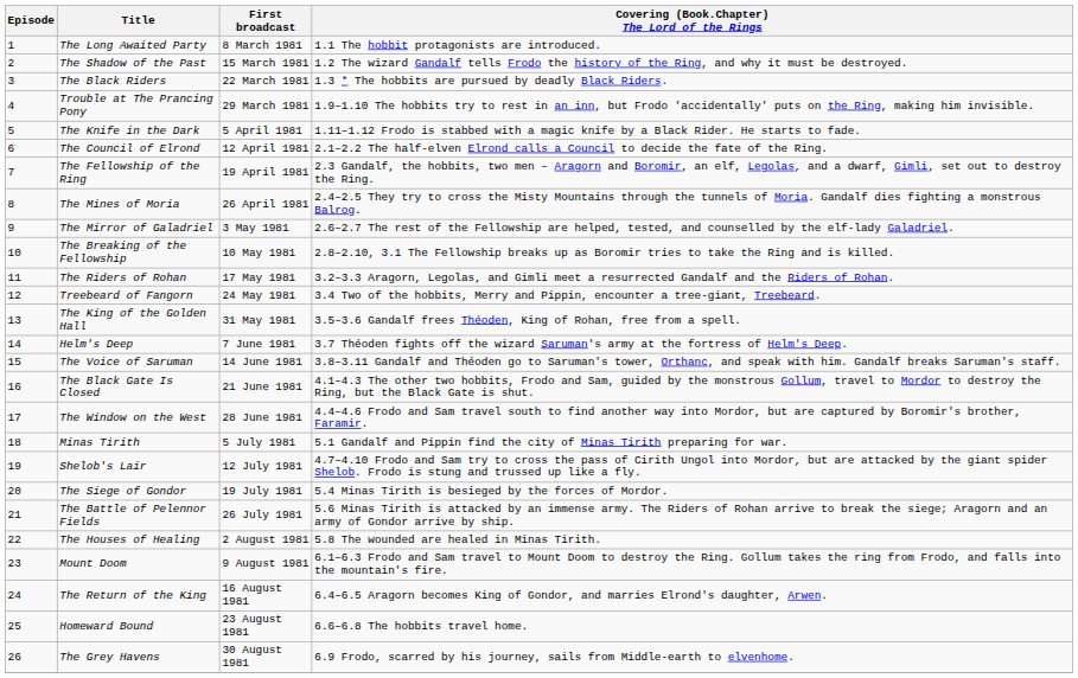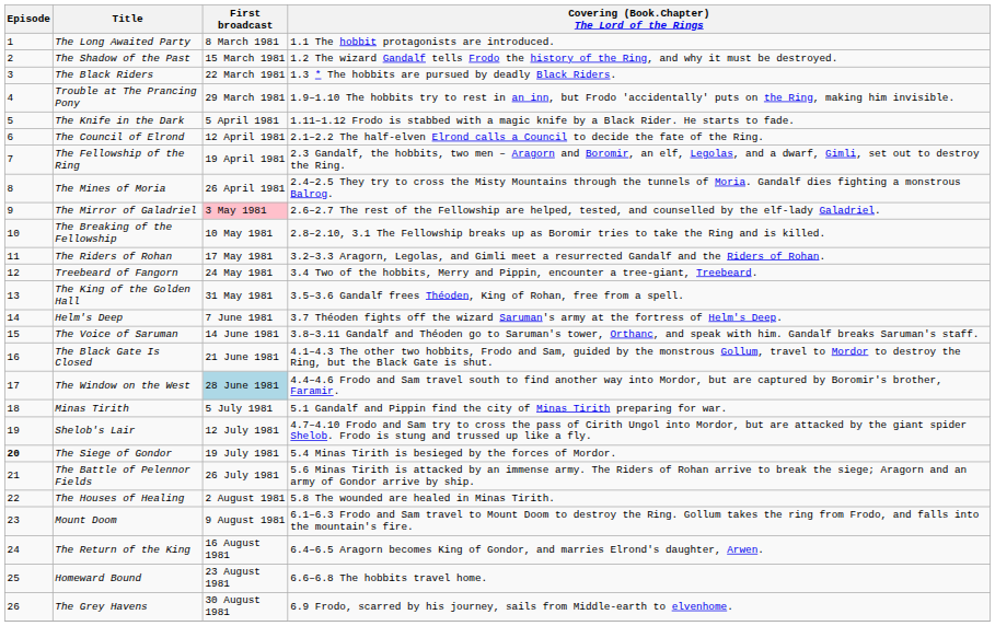 <table class="wikitable">
 <tr>
 <th>Episode</th>
 <th>Title</th>
 <th>First broadcast</th>
 <th>Covering (Book.Chapter)<br><em><a href='#'>The Lord of the Rings</a></em></th>
 </tr>
 <tr>
 <td>1</td>
 <td><em>The Long Awaited Party</em></td>
 <td>8 March 1981</td>
 <td>1.1 The <a href='#'>hobbit</a> protagonists are introduced.</td>
 </tr>
 <tr>
 <td>2</td>
 <td><em>The Shadow of the Past</em></td>
 <td>15 March 1981</td>
 <td>1.2 The wizard <a href='#'>Gandalf</a> tells <a href='#'>Frodo</a> the <a href='#'>history of the Ring</a>, and why it must be destroyed.</td>
 </tr>
 <tr>
 <td>3</td>
 <td><em>The Black Riders</em></td>
 <td>22 March 1981</td>
 <td>1.3 <a href='#'>*</a> The hobbits are pursued by deadly <a href='#'>Black Riders</a>.</td>
 </tr>
 <tr>
 <td>4</td>
 <td><em>Trouble at The Prancing Pony</em></td>
 <td>29 March 1981</td>
 <td>1.9–1.10 The hobbits try to rest in <a href='#'>an inn</a>, but Frodo 'accidentally' puts on <a href='#'>the Ring</a>, making him invisible.</td>
 </tr>
 <tr>
 <td>5</td>
 <td><em>The Knife in the Dark</em></td>
 <td>5 April 1981</td>
 <td>1.11–1.12 Frodo is stabbed with a magic knife by a Black Rider. He starts to fade.</td>
 </tr>
 <tr>
 <td>6</td>
 <td><em>The Council of Elrond</em></td>
 <td>12 April 1981</td>
 <td>2.1–2.2 The half-elven <a href='#'>Elrond calls a Council</a> to decide the fate of the Ring.</td>
 </tr>
 <tr>
 <td>7</td>
 <td><em>The Fellowship of the Ring</em></td>
 <td>19 April 1981</td>
 <td>2.3 Gandalf, the hobbits, two men – <a href='#'>Aragorn</a> and <a href='#'>Boromir</a>, an elf, <a href='#'>Legolas</a>, and a dwarf, <a href='#'>Gimli</a>, set out to destroy the Ring.</td>
 </tr>
 <tr>
 <td>8</td>
 <td><em>The Mines of Moria</em></td>
 <td>26 April 1981</td>
 <td>2.4–2.5 They try to cross the Misty Mountains through the tunnels of <a href='#'>Moria</a>. Gandalf dies fighting a monstrous <a href='#'>Balrog</a>.</td>
 </tr>
 <tr>
 <td>9</td>
 <td><em>The Mirror of Galadriel</em></td>
-<td>3 May 1981</td>
+<td style="background: pink;">3 May 1981</td>
 <td>2.6–2.7 The rest of the Fellowship are helped, tested, and counselled by the elf-lady <a href='#'>Galadriel</a>.</td>
 </tr>
 <tr>
 <td>10</td>
 <td><em>The Breaking of the Fellowship</em></td>
 <td>10 May 1981</td>
 <td>2.8–2.10, 3.1 The Fellowship breaks up as Boromir tries to take the Ring and is killed.</td>
 </tr>
 <tr>
 <td>11</td>
 <td><em>The Riders of Rohan</em></td>
 <td>17 May 1981</td>
 <td>3.2–3.3 Aragorn, Legolas, and Gimli meet a resurrected Gandalf and the <a href='#'>Riders of Rohan</a>.</td>
 </tr>
 <tr>
 <td>12</td>
 <td><em>Treebeard of Fangorn</em></td>
 <td>24 May 1981</td>
 <td>3.4 Two of the hobbits, Merry and Pippin, encounter a tree-giant, <a href='#'>Treebeard</a>.</td>
 </tr>
 <tr>
 <td>13</td>
 <td><em>The King of the Golden Hall</em></td>
 <td>31 May 1981</td>
 <td>3.5–3.6 Gandalf frees <a href='#'>Théoden</a>, King of Rohan, free from a spell.</td>
 </tr>
 <tr>
 <td>14</td>
 <td><em>Helm's Deep</em></td>
 <td>7 June 1981</td>
 <td>3.7 Théoden fights off the wizard <a href='#'>Saruman</a>'s army at the fortress of <a href='#'>Helm's Deep</a>.</td>
 </tr>
 <tr>
 <td>15</td>
 <td><em>The Voice of Saruman</em></td>
 <td>14 June 1981</td>
 <td>3.8–3.11 Gandalf and Théoden go to Saruman's tower, <a href='#'>Orthanc</a>, and speak with him. Gandalf breaks Saruman's staff.</td>
 </tr>
 <tr>
 <td>16</td>
 <td><em>The Black Gate Is Closed</em></td>
 <td>21 June 1981</td>
 <td>4.1–4.3 The other two hobbits, Frodo and Sam, guided by the monstrous <a href='#'>Gollum</a>, travel to <a href='#'>Mordor</a> to destroy the Ring, but the Black Gate is shut.</td>
 </tr>
 <tr>
 <td>17</td>
 <td><em>The Window on the West</em></td>
-<td>28 June 1981</td>
+<td style="background: lightblue;">28 June 1981</td>
 <td>4.4–4.6 Frodo and Sam travel south to find another way into Mordor, but are captured by Boromir's brother, <a href='#'>Faramir</a>.</td>
 </tr>
 <tr>
 <td>18</td>
 <td><em>Minas Tirith</em></td>
 <td>5 July 1981</td>
 <td>5.1 Gandalf and Pippin find the city of <a href='#'>Minas Tirith</a> preparing for war.</td>
 </tr>
 <tr>
 <td>19</td>
 <td><em>Shelob's Lair</em></td>
 <td>12 July 1981</td>
 <td>4.7–4.10 Frodo and Sam try to cross the pass of Cirith Ungol into Mordor, but are attacked by the giant spider <a href='#'>Shelob</a>. Frodo is stung and trussed up like a fly.</td>
 </tr>
 <tr>
-<td>20</td>
+<td><strong>20</strong></td>
 <td><em>The Siege of Gondor</em></td>
 <td>19 July 1981</td>
 <td>5.4 Minas Tirith is besieged by the forces of Mordor.</td>
 </tr>
 <tr>
 <td>21</td>
 <td><em>The Battle of Pelennor Fields</em></td>
 <td>26 July 1981</td>
 <td>5.6 Minas Tirith is attacked by an immense army. The Riders of Rohan arrive to break the siege; Aragorn and an army of Gondor arrive by ship.</td>
 </tr>
 <tr>
 <td>22</td>
 <td><em>The Houses of Healing</em></td>
 <td>2 August 1981</td>
 <td>5.8 The wounded are healed in Minas Tirith.</td>
 </tr>
 <tr>
 <td>23</td>
 <td><em>Mount Doom</em></td>
 <td>9 August 1981</td>
 <td>6.1–6.3 Frodo and Sam travel to Mount Doom to destroy the Ring. Gollum takes the ring from Frodo, and falls into the mountain's fire.</td>
 </tr>
 <tr>
 <td>24</td>
 <td><em>The Return of the King</em></td>
 <td>16 August 1981</td>
 <td>6.4–6.5 Aragorn becomes King of Gondor, and marries Elrond's daughter, <a href='#'>Arwen</a>.</td>
 </tr>
 <tr>
 <td>25</td>
 <td><em>Homeward Bound</em></td>
 <td>23 August 1981</td>
 <td>6.6–6.8 The hobbits travel home.</td>
 </tr>
 <tr>
 <td>26</td>
 <td><em>The Grey Havens</em></td>
 <td>30 August 1981</td>
 <td>6.9 Frodo, scarred by his journey, sails from Middle-earth to <a href='#'>elvenhome</a>.</td>
 </tr>
 <tr>
 </tr>
 </table>
